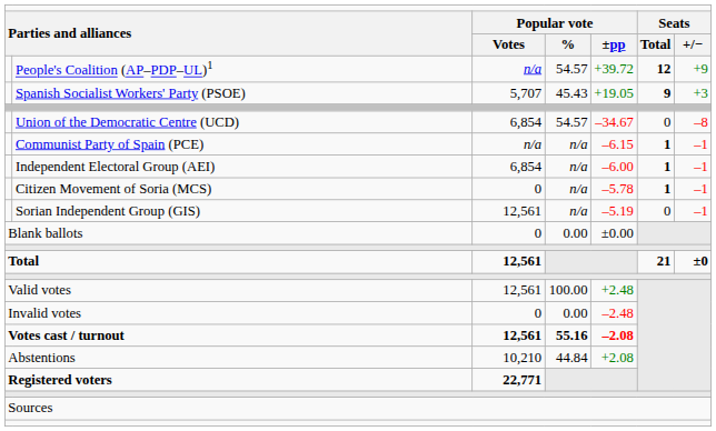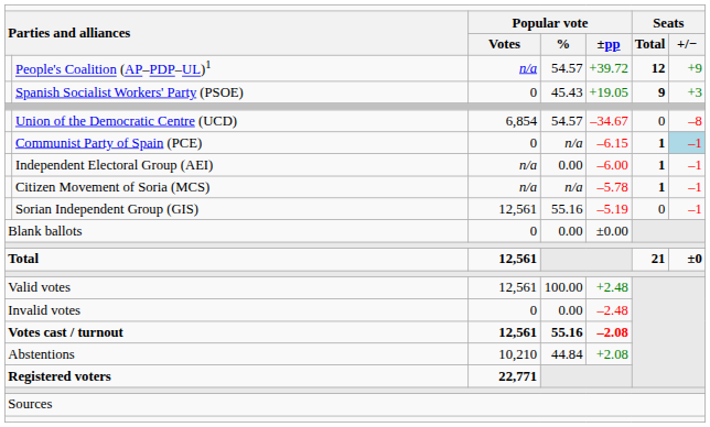 <table class="wikitable" style="text-align:right;">
 <tr>
 <td colspan="7"></td>
 </tr>
 <tr>
 <th style="text-align:left;" rowspan="2" colspan="2" width="525">Parties and alliances</th>
 <th colspan="3">Popular vote</th>
 <th colspan="2">Seats</th>
 </tr>
 <tr>
 <th width="75">Votes</th>
 <th width="45">%</th>
 <th width="45">±<a href='#'>pp</a></th>
 <th width="35">Total</th>
 <th width="35">+/−</th>
 </tr>
 <tr>
 <td width="1" style="color:inherit;background:"></td>
 <td align="left"><a href='#'>People's Coalition</a> (<a href='#'>AP</a>–<a href='#'>PDP</a>–<a href='#'>UL</a>)<sup>1</sup></td>
 <td><em><a href='#'>n/a</a></em></td>
 <td>54.57</td>
 <td style="color:green;">+39.72</td>
 <td><strong>12</strong></td>
 <td style="color:green;">+9</td>
 </tr>
 <tr>
 <td style="color:inherit;background:"></td>
 <td align="left"><a href='#'>Spanish Socialist Workers' Party</a> (PSOE)</td>
-<td>5,707</td>
+<td>0</td>
 <td>45.43</td>
 <td style="color:green;">+19.05</td>
 <td><strong>9</strong></td>
 <td style="color:green;">+3</td>
 </tr>
 <tr>
 <td colspan="7" bgcolor="#C0C0C0"></td>
 </tr>
 <tr>
 <td style="color:inherit;background:"></td>
 <td align="left"><a href='#'>Union of the Democratic Centre</a> (UCD)</td>
 <td>6,854</td>
 <td>54.57</td>
 <td style="color:red;">–34.67</td>
 <td>0</td>
 <td style="color:red;">–8</td>
 </tr>
 <tr>
 <td style="color:inherit;background:"></td>
 <td align="left"><a href='#'>Communist Party of Spain</a> (PCE)</td>
-<td><em>n/a</em></td>
+<td>0</td>
 <td><em>n/a</em></td>
 <td style="color:red;">–6.15</td>
 <td><strong>1</strong></td>
-<td style="color:red;">–1</td>
+<td style="background: lightblue; color:red;">–1</td>
 </tr>
 <tr>
 <td style="color:inherit;background:"></td>
 <td align="left">Independent Electoral Group (AEI)</td>
-<td>6,854</td>
 <td><em>n/a</em></td>
+<td>0.00</td>
 <td style="color:red;">–6.00</td>
 <td><strong>1</strong></td>
 <td style="color:red;">–1</td>
 </tr>
 <tr>
 <td style="color:inherit;background:"></td>
 <td align="left">Citizen Movement of Soria (MCS)</td>
-<td>0</td>
+<td><em>n/a</em></td>
 <td><em>n/a</em></td>
 <td style="color:red;">–5.78</td>
 <td><strong>1</strong></td>
 <td style="color:red;">–1</td>
 </tr>
 <tr>
 <td style="color:inherit;background:"></td>
 <td align="left">Sorian Independent Group (GIS)</td>
 <td>12,561</td>
-<td><em>n/a</em></td>
+<td>55.16</td>
 <td style="color:red;">–5.19</td>
 <td>0</td>
 <td style="color:red;">–1</td>
 </tr>
 <tr>
 <td align="left" colspan="2">Blank ballots</td>
 <td>0</td>
 <td>0.00</td>
 <td>±0.00</td>
 <td bgcolor="#E9E9E9" colspan="2"></td>
 </tr>
 <tr>
 <td colspan="7" bgcolor="#E9E9E9"></td>
 </tr>
 <tr style="font-weight:bold;">
 <td align="left" colspan="2">Total</td>
 <td>12,561</td>
 <td bgcolor="#E9E9E9" colspan="2"></td>
 <td>21</td>
 <td>±0</td>
 </tr>
 <tr>
 <td colspan="7" bgcolor="#E9E9E9"></td>
 </tr>
 <tr>
 <td align="left" colspan="2">Valid votes</td>
 <td>12,561</td>
 <td>100.00</td>
 <td style="color:green;">+2.48</td>
 <td bgcolor="#E9E9E9" colspan="2" rowspan="5"></td>
 </tr>
 <tr>
 <td align="left" colspan="2">Invalid votes</td>
 <td>0</td>
 <td>0.00</td>
 <td style="color:red;">–2.48</td>
 </tr>
 <tr style="font-weight:bold;">
 <td align="left" colspan="2">Votes cast / turnout</td>
 <td>12,561</td>
 <td>55.16</td>
 <td style="color:red;">–2.08</td>
 </tr>
 <tr>
 <td align="left" colspan="2">Abstentions</td>
 <td>10,210</td>
 <td>44.84</td>
 <td style="color:green;">+2.08</td>
 </tr>
 <tr style="font-weight:bold;">
 <td align="left" colspan="2">Registered voters</td>
 <td>22,771</td>
 <td bgcolor="#E9E9E9" colspan="2"></td>
 </tr>
 <tr>
 <td colspan="7" bgcolor="#E9E9E9"></td>
 </tr>
 <tr>
 <td align="left" colspan="7">Sources</td>
 </tr>
 <tr>
 <td colspan="7" style="text-align:left; max-width:790px;"></td>
 </tr>
 </table>
